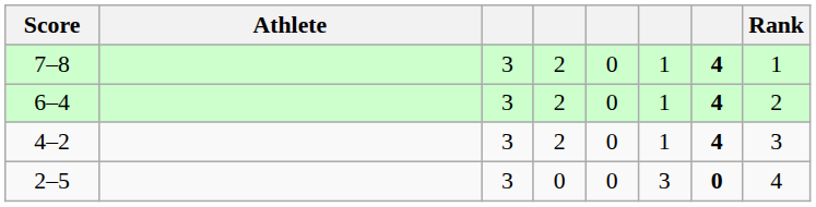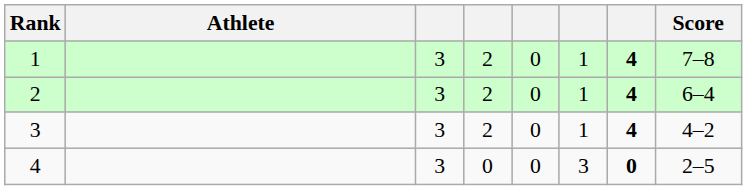 <table class="wikitable" style="text-align: center; font-size:90% ">
 <tr>
-<th width=50>Score</th>
+<th width=25>Rank</th>
 <th width=225>Athlete</th>
 <th width=25></th>
 <th width=25></th>
 <th width=25></th>
 <th width=25></th>
 <th width=25></th>
-<th width=25>Rank</th>
+<th width=50>Score</th>
 </tr>
 <tr bgcolor=ccffcc>
-<td>7–8</td>
+<td>1</td>
 <td align=left></td>
 <td>3</td>
 <td>2</td>
 <td>0</td>
 <td>1</td>
 <td><strong>4</strong></td>
-<td>1</td>
+<td>7–8</td>
 </tr>
 <tr bgcolor=ccffcc>
-<td>6–4</td>
+<td>2</td>
 <td align=left></td>
 <td>3</td>
 <td>2</td>
 <td>0</td>
 <td>1</td>
 <td><strong>4</strong></td>
-<td>2</td>
+<td>6–4</td>
 </tr>
 <tr>
-<td>4–2</td>
+<td>3</td>
 <td align=left></td>
 <td>3</td>
 <td>2</td>
 <td>0</td>
 <td>1</td>
 <td><strong>4</strong></td>
-<td>3</td>
+<td>4–2</td>
 </tr>
 <tr>
-<td>2–5</td>
+<td>4</td>
 <td align=left></td>
 <td>3</td>
 <td>0</td>
 <td>0</td>
 <td>3</td>
 <td><strong>0</strong></td>
-<td>4</td>
+<td>2–5</td>
 </tr>
 </table>
